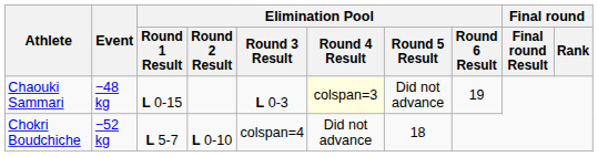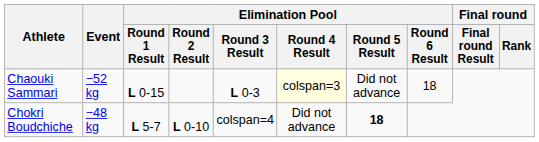 <table class="wikitable" style="font-size:90%">
 <tr>
 <th rowspan="2">Athlete</th>
 <th rowspan="2">Event</th>
 <th colspan=6>Elimination Pool</th>
 <th colspan=2>Final round</th>
 </tr>
 <tr style="font-size: 95%">
 <th>Round 1<br>Result</th>
 <th>Round 2<br>Result</th>
 <th>Round 3<br>Result</th>
 <th>Round 4<br>Result</th>
 <th>Round 5<br>Result</th>
 <th>Round 6<br>Result</th>
 <th>Final round<br>Result</th>
 <th>Rank</th>
 </tr>
 <tr align=center>
 <td align=left><a href='#'>Chaouki Sammari</a></td>
-<td align=left><a href='#'>−48 kg</a></td>
+<td align=left><a href='#'>−52 kg</a></td>
 <td><br><strong>L</strong> 0-15</td>
 <td></td>
 <td><br><strong>L</strong> 0-3</td>
 <td style="background: lightyellow;">colspan=3 </td>
 <td>Did not advance</td>
-<td>19</td>
+<td>18</td>
 </tr>
 <tr align=center>
 <td align=left><a href='#'>Chokri Boudchiche</a></td>
-<td align=left><a href='#'>−52 kg</a></td>
+<td align=left><a href='#'>−48 kg</a></td>
 <td><br><strong>L</strong> 5-7</td>
 <td><br><strong>L</strong> 0-10</td>
 <td>colspan=4 </td>
 <td>Did not advance</td>
-<td>18</td>
+<td><strong>18</strong></td>
 </tr>
 </table>
